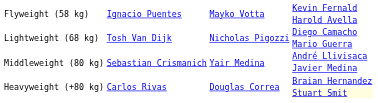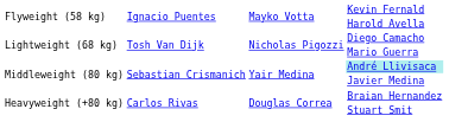 <table>
 <tr>
 <td rowspan=2>Flyweight (58 kg)</td>
 <td rowspan=2><a href='#'>Ignacio Puentes</a><br></td>
 <td rowspan=2><a href='#'>Mayko Votta</a><br></td>
 <td><a href='#'>Kevin Fernald</a><br></td>
 </tr>
 <tr>
 <td><a href='#'>Harold Avella</a><br></td>
 </tr>
 <tr>
 <td rowspan=2>Lightweight (68 kg)</td>
 <td rowspan=2><a href='#'>Tosh Van Dijk</a><br></td>
 <td rowspan=2><a href='#'>Nicholas Pigozzi</a><br></td>
 <td><a href='#'>Diego Camacho</a><br></td>
 </tr>
 <tr>
 <td><a href='#'>Mario Guerra</a><br></td>
 </tr>
 <tr>
 <td rowspan=2>Middleweight (80 kg)</td>
 <td rowspan=2><a href='#'>Sebastian Crismanich</a><br></td>
 <td rowspan=2><a href='#'>Yair Medina</a><br></td>
-<td><a href='#'>André Llivisaca</a><br></td>
+<td style="background: paleturquoise;"><a href='#'>André Llivisaca</a><br></td>
 </tr>
 <tr>
 <td><a href='#'>Javier Medina</a><br></td>
 </tr>
 <tr>
 <td rowspan=2>Heavyweight (+80 kg)</td>
 <td rowspan=2><a href='#'>Carlos Rivas</a><br></td>
 <td rowspan=2><a href='#'>Douglas Correa</a><br></td>
 <td><a href='#'>Braian Hernandez</a><br></td>
 </tr>
 <tr>
-<td style="background: lightyellow;"><a href='#'>Stuart Smit</a><br></td>
+<td><a href='#'>Stuart Smit</a><br></td>
 </tr>
 </table>
